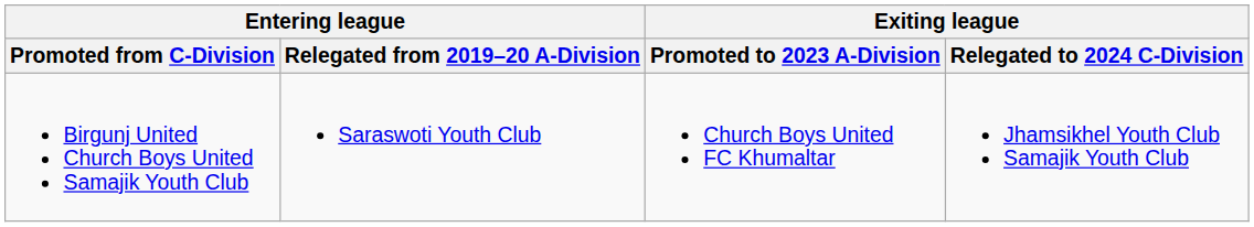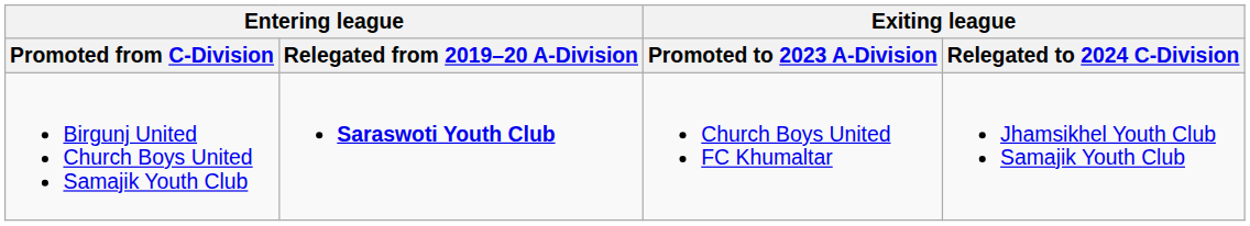 <table class="wikitable">
 <tr>
 <th colspan=2>Entering league</th>
 <th colspan=2>Exiting league</th>
 </tr>
 <tr>
 <th>Promoted from <a href='#'>C-Division</a> </th>
 <th>Relegated from <a href='#'>2019–20 A-Division</a> </th>
 <th>Promoted to <a href='#'>2023 A-Division</a></th>
 <th>Relegated to <a href='#'>2024 C-Division</a></th>
 </tr>
 <tr style="vertical-align:top;">
 <td><br><ul><li><a href='#'>Birgunj United</a></li><li><a href='#'>Church Boys United</a></li><li><a href='#'>Samajik Youth Club</a></li></ul></td>
-<td><br><ul><li><a href='#'>Saraswoti Youth Club</a></li></ul></td>
+<td><strong><br><ul><li><a href='#'>Saraswoti Youth Club</a></li></ul></strong></td>
 <td><br><ul><li><a href='#'>Church Boys United</a></li><li><a href='#'>FC Khumaltar</a></li></ul></td>
 <td><br><ul><li><a href='#'>Jhamsikhel Youth Club</a></li><li><a href='#'>Samajik Youth Club</a></li></ul></td>
 </tr>
 </table>
